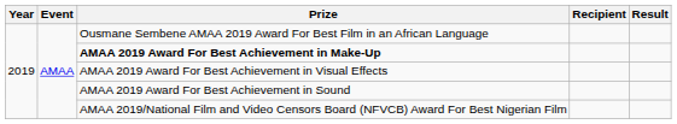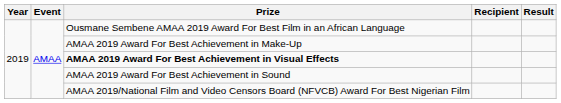 <table class="wikitable">
 <tr>
 <th>Year</th>
 <th>Event</th>
 <th>Prize</th>
 <th>Recipient</th>
 <th>Result</th>
 </tr>
 <tr>
 <td rowspan=5>2019</td>
 <td rowspan=5><a href='#'>AMAA</a></td>
 <td>Ousmane Sembene AMAA 2019 Award For Best Film in an African Language</td>
 <td></td>
 <td></td>
 </tr>
 <tr>
-<td><strong>AMAA 2019 Award For Best Achievement in Make-Up</strong></td>
+<td>AMAA 2019 Award For Best Achievement in Make-Up</td>
 <td></td>
 <td></td>
 </tr>
 <tr>
-<td>AMAA 2019 Award For Best Achievement in Visual Effects</td>
+<td><strong>AMAA 2019 Award For Best Achievement in Visual Effects</strong></td>
 <td></td>
 <td></td>
 </tr>
 <tr>
 <td>AMAA 2019 Award For Best Achievement in Sound</td>
 <td></td>
 <td></td>
 </tr>
 <tr>
 <td>AMAA 2019/National Film and Video Censors Board (NFVCB) Award For Best Nigerian Film</td>
 <td></td>
 <td></td>
 </tr>
 </table>
